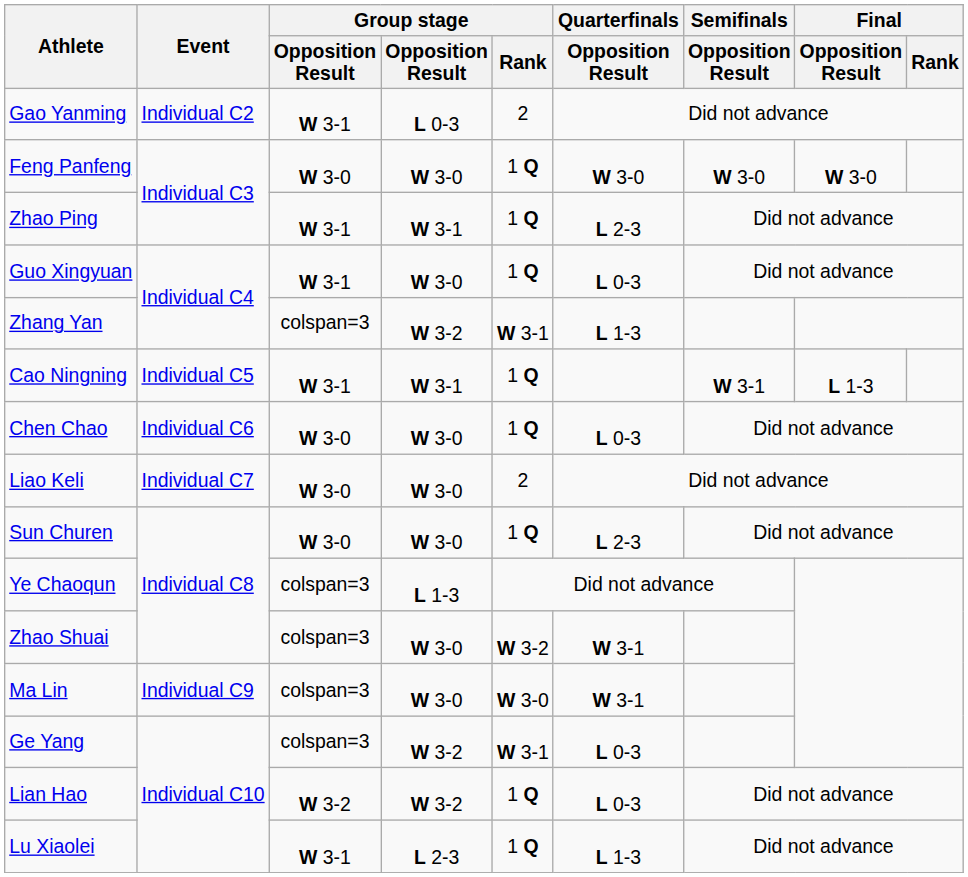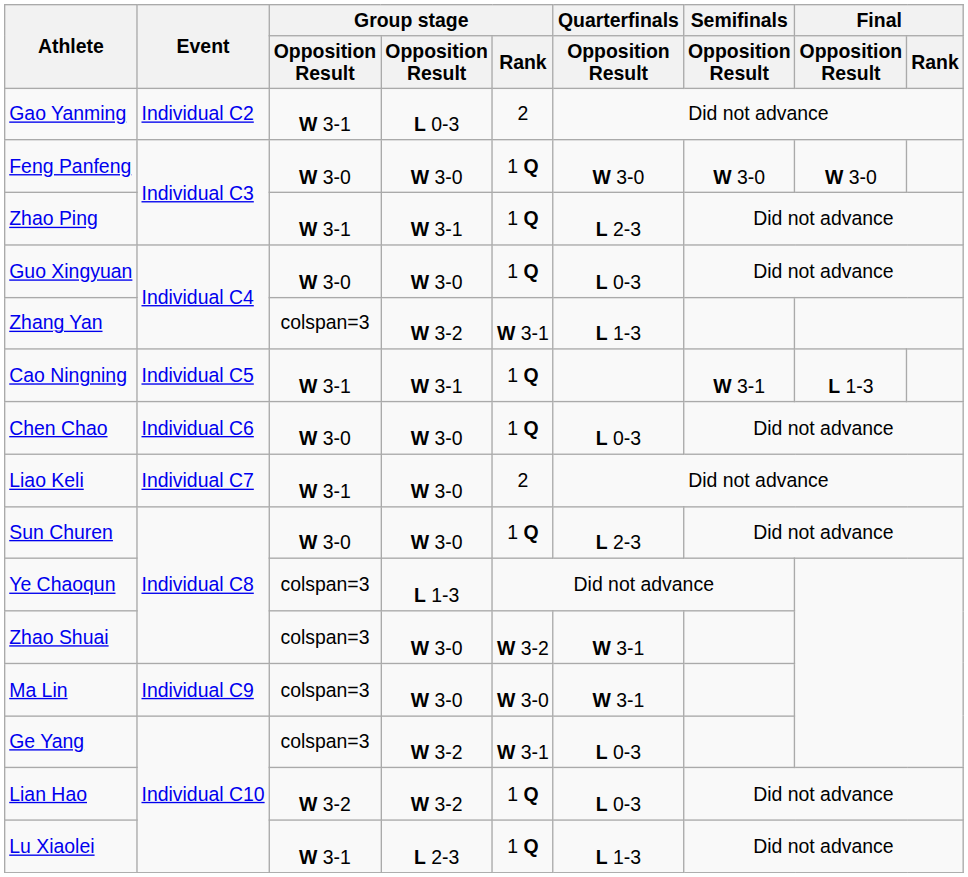 <table class=wikitable style="text-align: center; font-size:90%">
 <tr>
 <th rowspan="2">Athlete</th>
 <th rowspan="2">Event</th>
 <th colspan="3">Group stage</th>
 <th>Quarterfinals</th>
 <th>Semifinals</th>
 <th colspan="2">Final</th>
 </tr>
 <tr>
 <th>Opposition<br>Result</th>
 <th>Opposition<br>Result</th>
 <th>Rank</th>
 <th>Opposition<br>Result</th>
 <th>Opposition<br>Result</th>
 <th>Opposition<br>Result</th>
 <th>Rank</th>
 </tr>
 <tr>
 <td align=left><a href='#'>Gao Yanming</a></td>
 <td align=left><a href='#'>Individual C2</a></td>
 <td><br><strong>W</strong> 3-1</td>
 <td><br><strong>L</strong> 0-3</td>
 <td>2</td>
 <td colspan=4>Did not advance</td>
 </tr>
 <tr>
 <td align=left><a href='#'>Feng Panfeng</a></td>
 <td align=left rowspan=2><a href='#'>Individual C3</a></td>
 <td><br><strong>W</strong> 3-0</td>
 <td><br><strong>W</strong> 3-0</td>
 <td>1 <strong>Q</strong></td>
 <td><br><strong>W</strong> 3-0</td>
 <td><br><strong>W</strong> 3-0</td>
 <td><br><strong>W</strong> 3-0</td>
 <td></td>
 </tr>
 <tr>
 <td align=left><a href='#'>Zhao Ping</a></td>
 <td><br><strong>W</strong> 3-1</td>
 <td><br><strong>W</strong> 3-1</td>
 <td>1 <strong>Q</strong></td>
 <td><br><strong>L</strong> 2-3</td>
 <td colspan=3>Did not advance</td>
 </tr>
 <tr>
 <td align=left><a href='#'>Guo Xingyuan</a></td>
 <td align=left rowspan=2><a href='#'>Individual C4</a></td>
-<td><br><strong>W</strong> 3-1</td>
+<td><br><strong>W</strong> 3-0</td>
 <td><br><strong>W</strong> 3-0</td>
 <td>1 <strong>Q</strong></td>
 <td><br><strong>L</strong> 0-3</td>
 <td colspan=3>Did not advance</td>
 </tr>
 <tr>
 <td align=left><a href='#'>Zhang Yan</a></td>
 <td>colspan=3 </td>
 <td><br><strong>W</strong> 3-2</td>
 <td><br><strong>W</strong> 3-1</td>
 <td><br><strong>L</strong> 1-3</td>
 <td></td>
 </tr>
 <tr>
 <td align=left><a href='#'>Cao Ningning</a></td>
 <td align=left><a href='#'>Individual C5</a></td>
 <td><br><strong>W</strong> 3-1</td>
 <td><br><strong>W</strong> 3-1</td>
 <td>1 <strong>Q</strong></td>
 <td></td>
 <td><br><strong>W</strong> 3-1</td>
 <td><br><strong>L</strong> 1-3</td>
 <td></td>
 </tr>
 <tr>
 <td align=left><a href='#'>Chen Chao</a></td>
 <td align=left><a href='#'>Individual C6</a></td>
 <td><br><strong>W</strong> 3-0</td>
 <td><br><strong>W</strong> 3-0</td>
 <td>1 <strong>Q</strong></td>
 <td><br><strong>L</strong> 0-3</td>
 <td colspan=3>Did not advance</td>
 </tr>
 <tr>
 <td align=left><a href='#'>Liao Keli</a></td>
 <td align=left><a href='#'>Individual C7</a></td>
-<td><br><strong>W</strong> 3-0</td>
+<td><br><strong>W</strong> 3-1</td>
 <td><br><strong>W</strong> 3-0</td>
 <td>2</td>
 <td colspan=4>Did not advance</td>
 </tr>
 <tr>
 <td align=left><a href='#'>Sun Churen</a></td>
 <td align=left rowspan=3><a href='#'>Individual C8</a></td>
 <td><br><strong>W</strong> 3-0</td>
 <td><br><strong>W</strong> 3-0</td>
 <td>1 <strong>Q</strong></td>
 <td><br><strong>L</strong> 2-3</td>
 <td colspan=3>Did not advance</td>
 </tr>
 <tr>
 <td align=left><a href='#'>Ye Chaoqun</a></td>
 <td>colspan=3 </td>
 <td><br><strong>L</strong> 1-3</td>
 <td colspan=3>Did not advance</td>
 </tr>
 <tr>
 <td align=left><a href='#'>Zhao Shuai</a></td>
 <td>colspan=3 </td>
 <td><br><strong>W</strong> 3-0</td>
 <td><br><strong>W</strong> 3-2</td>
 <td><br><strong>W</strong> 3-1</td>
 <td></td>
 </tr>
 <tr>
 <td align=left><a href='#'>Ma Lin</a></td>
 <td align=left><a href='#'>Individual C9</a></td>
 <td>colspan=3 </td>
 <td><br><strong>W</strong> 3-0</td>
 <td><br><strong>W</strong> 3-0</td>
 <td><br><strong>W</strong> 3-1</td>
 <td></td>
 </tr>
 <tr>
 <td align=left><a href='#'>Ge Yang</a></td>
 <td align=left rowspan=3><a href='#'>Individual C10</a></td>
 <td>colspan=3 </td>
 <td><br><strong>W</strong> 3-2</td>
 <td><br><strong>W</strong> 3-1</td>
 <td><br><strong>L</strong> 0-3</td>
 <td></td>
 </tr>
 <tr>
 <td align=left><a href='#'>Lian Hao</a></td>
 <td><br><strong>W</strong> 3-2</td>
 <td><br><strong>W</strong> 3-2</td>
 <td>1 <strong>Q</strong></td>
 <td><br><strong>L</strong> 0-3</td>
 <td colspan=3>Did not advance</td>
 </tr>
 <tr>
 <td align=left><a href='#'>Lu Xiaolei</a></td>
 <td><br><strong>W</strong> 3-1</td>
 <td><br><strong>L</strong> 2-3</td>
 <td>1 <strong>Q</strong></td>
 <td><br><strong>L</strong> 1-3</td>
 <td colspan=3>Did not advance</td>
 </tr>
 </table>
